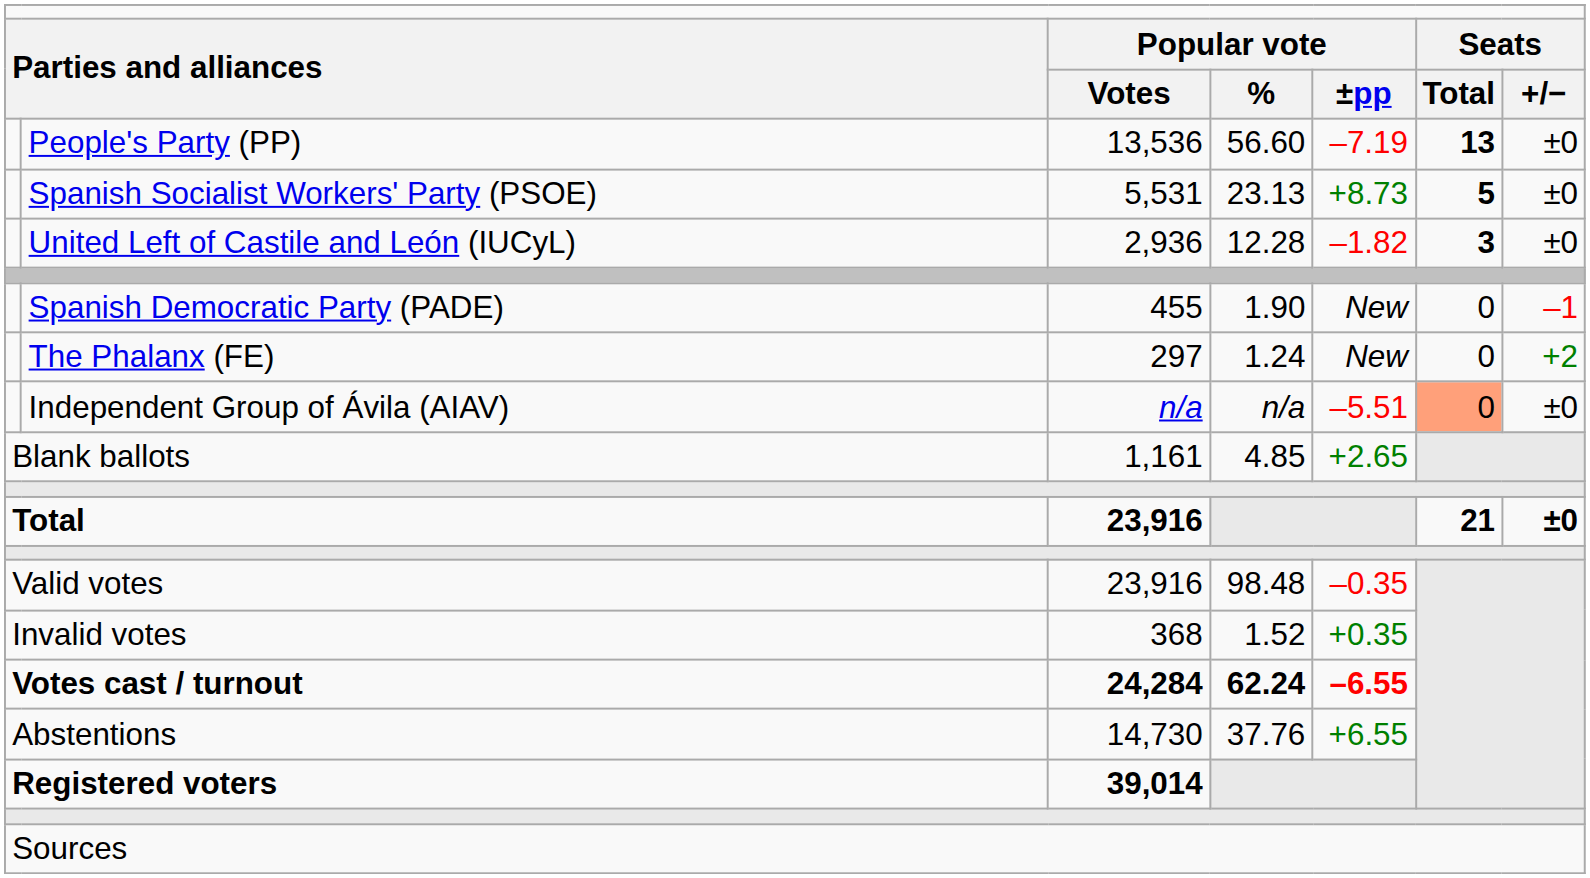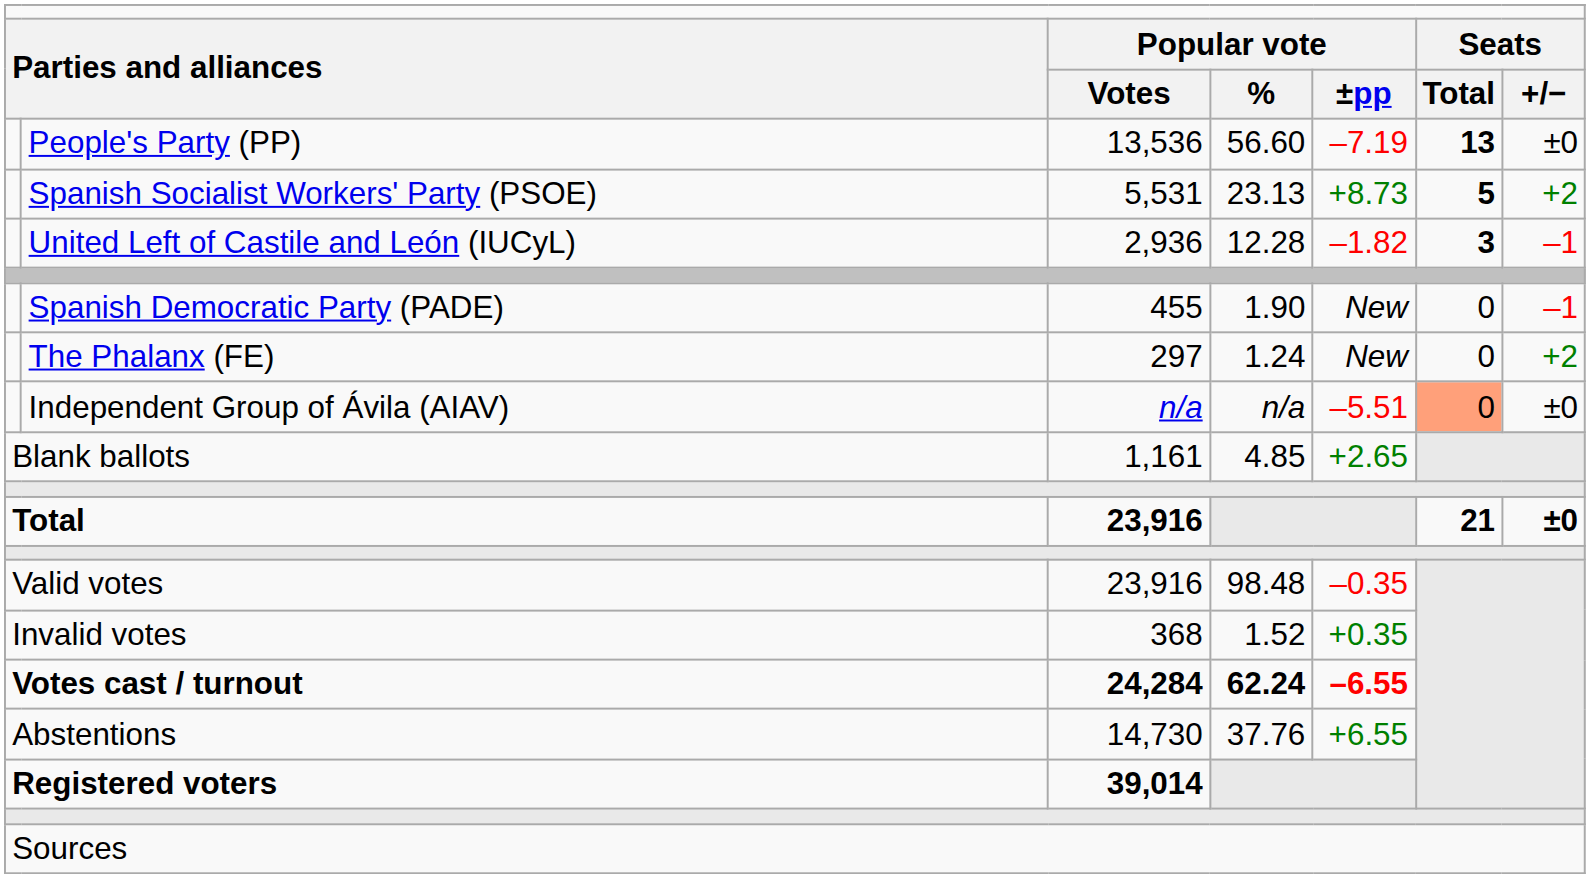 <table class="wikitable" style="text-align:right;">
 <tr>
 <td colspan="7"></td>
 </tr>
 <tr>
 <th style="text-align:left;" rowspan="2" colspan="2" width="525">Parties and alliances</th>
 <th colspan="3">Popular vote</th>
 <th colspan="2">Seats</th>
 </tr>
 <tr>
 <th width="75">Votes</th>
 <th width="45">%</th>
 <th width="45">±<a href='#'>pp</a></th>
 <th width="35">Total</th>
 <th width="35">+/−</th>
 </tr>
 <tr>
 <td width="1" style="color:inherit;background:"></td>
 <td align="left"><a href='#'>People's Party</a> (PP)</td>
 <td>13,536</td>
 <td>56.60</td>
 <td style="color:red;">–7.19</td>
 <td><strong>13</strong></td>
 <td>±0</td>
 </tr>
 <tr>
 <td style="color:inherit;background:"></td>
 <td align="left"><a href='#'>Spanish Socialist Workers' Party</a> (PSOE)</td>
 <td>5,531</td>
 <td>23.13</td>
 <td style="color:green;">+8.73</td>
 <td><strong>5</strong></td>
-<td>±0</td>
+<td style="color:green;">+2</td>
 </tr>
 <tr>
 <td style="color:inherit;background:"></td>
 <td align="left"><a href='#'>United Left of Castile and León</a> (IUCyL)</td>
 <td>2,936</td>
 <td>12.28</td>
 <td style="color:red;">–1.82</td>
 <td><strong>3</strong></td>
-<td>±0</td>
+<td style="color:red;">–1</td>
 </tr>
 <tr>
 <td colspan="7" bgcolor="#C0C0C0"></td>
 </tr>
 <tr>
 <td style="color:inherit;background:"></td>
 <td align="left"><a href='#'>Spanish Democratic Party</a> (PADE)</td>
 <td>455</td>
 <td>1.90</td>
 <td><em>New</em></td>
 <td>0</td>
 <td style="color:red;">–1</td>
 </tr>
 <tr>
 <td style="color:inherit;background:"></td>
 <td align="left"><a href='#'>The Phalanx</a> (FE)</td>
 <td>297</td>
 <td>1.24</td>
 <td><em>New</em></td>
 <td>0</td>
 <td style="color:green;">+2</td>
 </tr>
 <tr>
 <td style="color:inherit;background:"></td>
 <td align="left">Independent Group of Ávila (AIAV)</td>
 <td><em><a href='#'>n/a</a></em></td>
 <td><em>n/a</em></td>
 <td style="color:red;">–5.51</td>
 <td style="background: lightsalmon;">0</td>
 <td>±0</td>
 </tr>
 <tr>
 <td align="left" colspan="2">Blank ballots</td>
 <td>1,161</td>
 <td>4.85</td>
 <td style="color:green;">+2.65</td>
 <td bgcolor="#E9E9E9" colspan="2"></td>
 </tr>
 <tr>
 <td colspan="7" bgcolor="#E9E9E9"></td>
 </tr>
 <tr style="font-weight:bold;">
 <td align="left" colspan="2">Total</td>
 <td>23,916</td>
 <td bgcolor="#E9E9E9" colspan="2"></td>
 <td>21</td>
 <td>±0</td>
 </tr>
 <tr>
 <td colspan="7" bgcolor="#E9E9E9"></td>
 </tr>
 <tr>
 <td align="left" colspan="2">Valid votes</td>
 <td>23,916</td>
 <td>98.48</td>
 <td style="color:red;">–0.35</td>
 <td bgcolor="#E9E9E9" colspan="2" rowspan="5"></td>
 </tr>
 <tr>
 <td align="left" colspan="2">Invalid votes</td>
 <td>368</td>
 <td>1.52</td>
 <td style="color:green;">+0.35</td>
 </tr>
 <tr style="font-weight:bold;">
 <td align="left" colspan="2">Votes cast / turnout</td>
 <td>24,284</td>
 <td>62.24</td>
 <td style="color:red;">–6.55</td>
 </tr>
 <tr>
 <td align="left" colspan="2">Abstentions</td>
 <td>14,730</td>
 <td>37.76</td>
 <td style="color:green;">+6.55</td>
 </tr>
 <tr style="font-weight:bold;">
 <td align="left" colspan="2">Registered voters</td>
 <td>39,014</td>
 <td bgcolor="#E9E9E9" colspan="2"></td>
 </tr>
 <tr>
 <td colspan="7" bgcolor="#E9E9E9"></td>
 </tr>
 <tr>
 <td align="left" colspan="7">Sources</td>
 </tr>
 </table>
